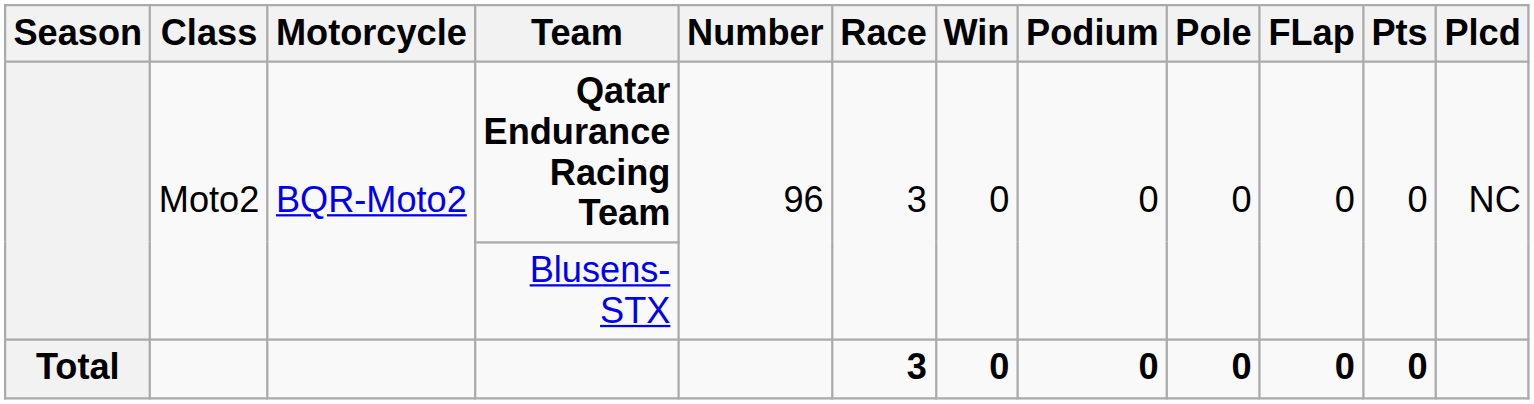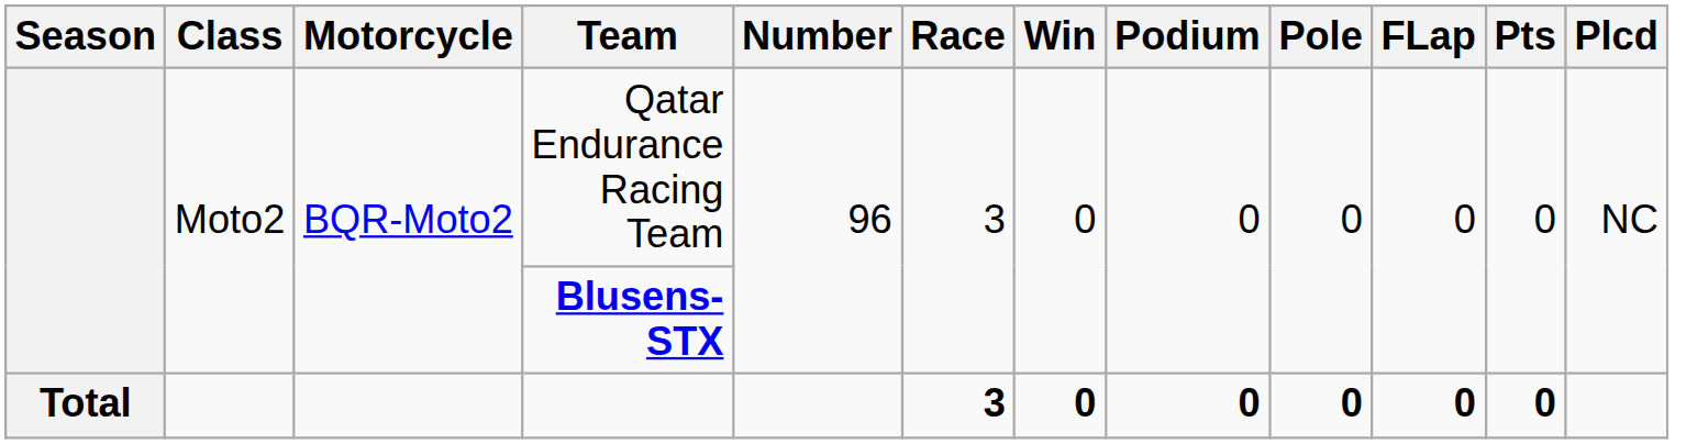 <table class="wikitable">
 <tr>
 <th>Season</th>
 <th>Class</th>
 <th>Motorcycle</th>
 <th>Team</th>
 <th>Number</th>
 <th>Race</th>
 <th>Win</th>
 <th>Podium</th>
 <th>Pole</th>
 <th>FLap</th>
 <th>Pts</th>
 <th>Plcd</th>
 </tr>
 <tr align="right">
 <th rowspan=2></th>
 <td rowspan=2>Moto2</td>
 <td rowspan=2><a href='#'>BQR-Moto2</a></td>
-<td><strong>Qatar Endurance Racing Team</strong></td>
+<td>Qatar Endurance Racing Team</td>
 <td rowspan=2>96</td>
 <td rowspan=2>3</td>
 <td rowspan=2>0</td>
 <td rowspan=2>0</td>
 <td rowspan=2>0</td>
 <td rowspan=2>0</td>
 <td rowspan=2>0</td>
 <td rowspan=2>NC</td>
 </tr>
 <tr align="right">
-<td><a href='#'>Blusens-STX</a></td>
+<td><strong><a href='#'>Blusens-STX</a></strong></td>
 </tr>
 <tr align="right">
 <th>Total</th>
 <td></td>
 <td></td>
 <td></td>
 <td></td>
 <td><strong>3</strong></td>
 <td><strong>0</strong></td>
 <td><strong>0</strong></td>
 <td><strong>0</strong></td>
 <td><strong>0</strong></td>
 <td><strong>0</strong></td>
 <td></td>
 </tr>
 </table>
